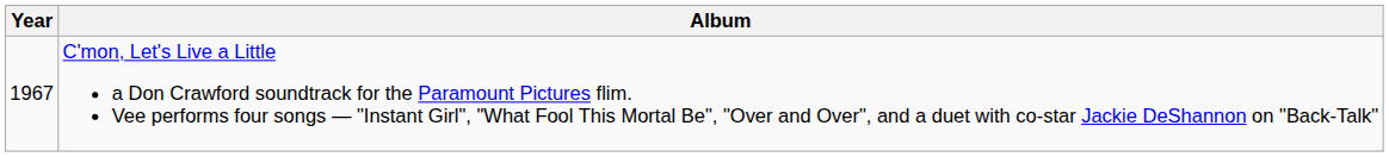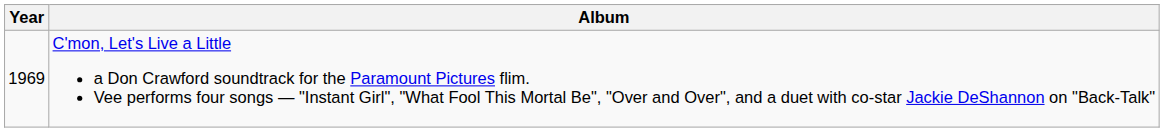 <table class="wikitable">
 <tr>
 <th>Year</th>
 <th>Album</th>
 </tr>
 <tr>
-<td>1967</td>
+<td>1969</td>
 <td><a href='#'>C'mon, Let's Live a Little</a><br><ul><li>a Don Crawford soundtrack for the <a href='#'>Paramount Pictures</a> flim.</li><li>Vee performs four songs — "Instant Girl", "What Fool This Mortal Be", "Over and Over", and a duet with co-star <a href='#'>Jackie DeShannon</a> on "Back-Talk"</li></ul></td>
 </tr>
 </table>
